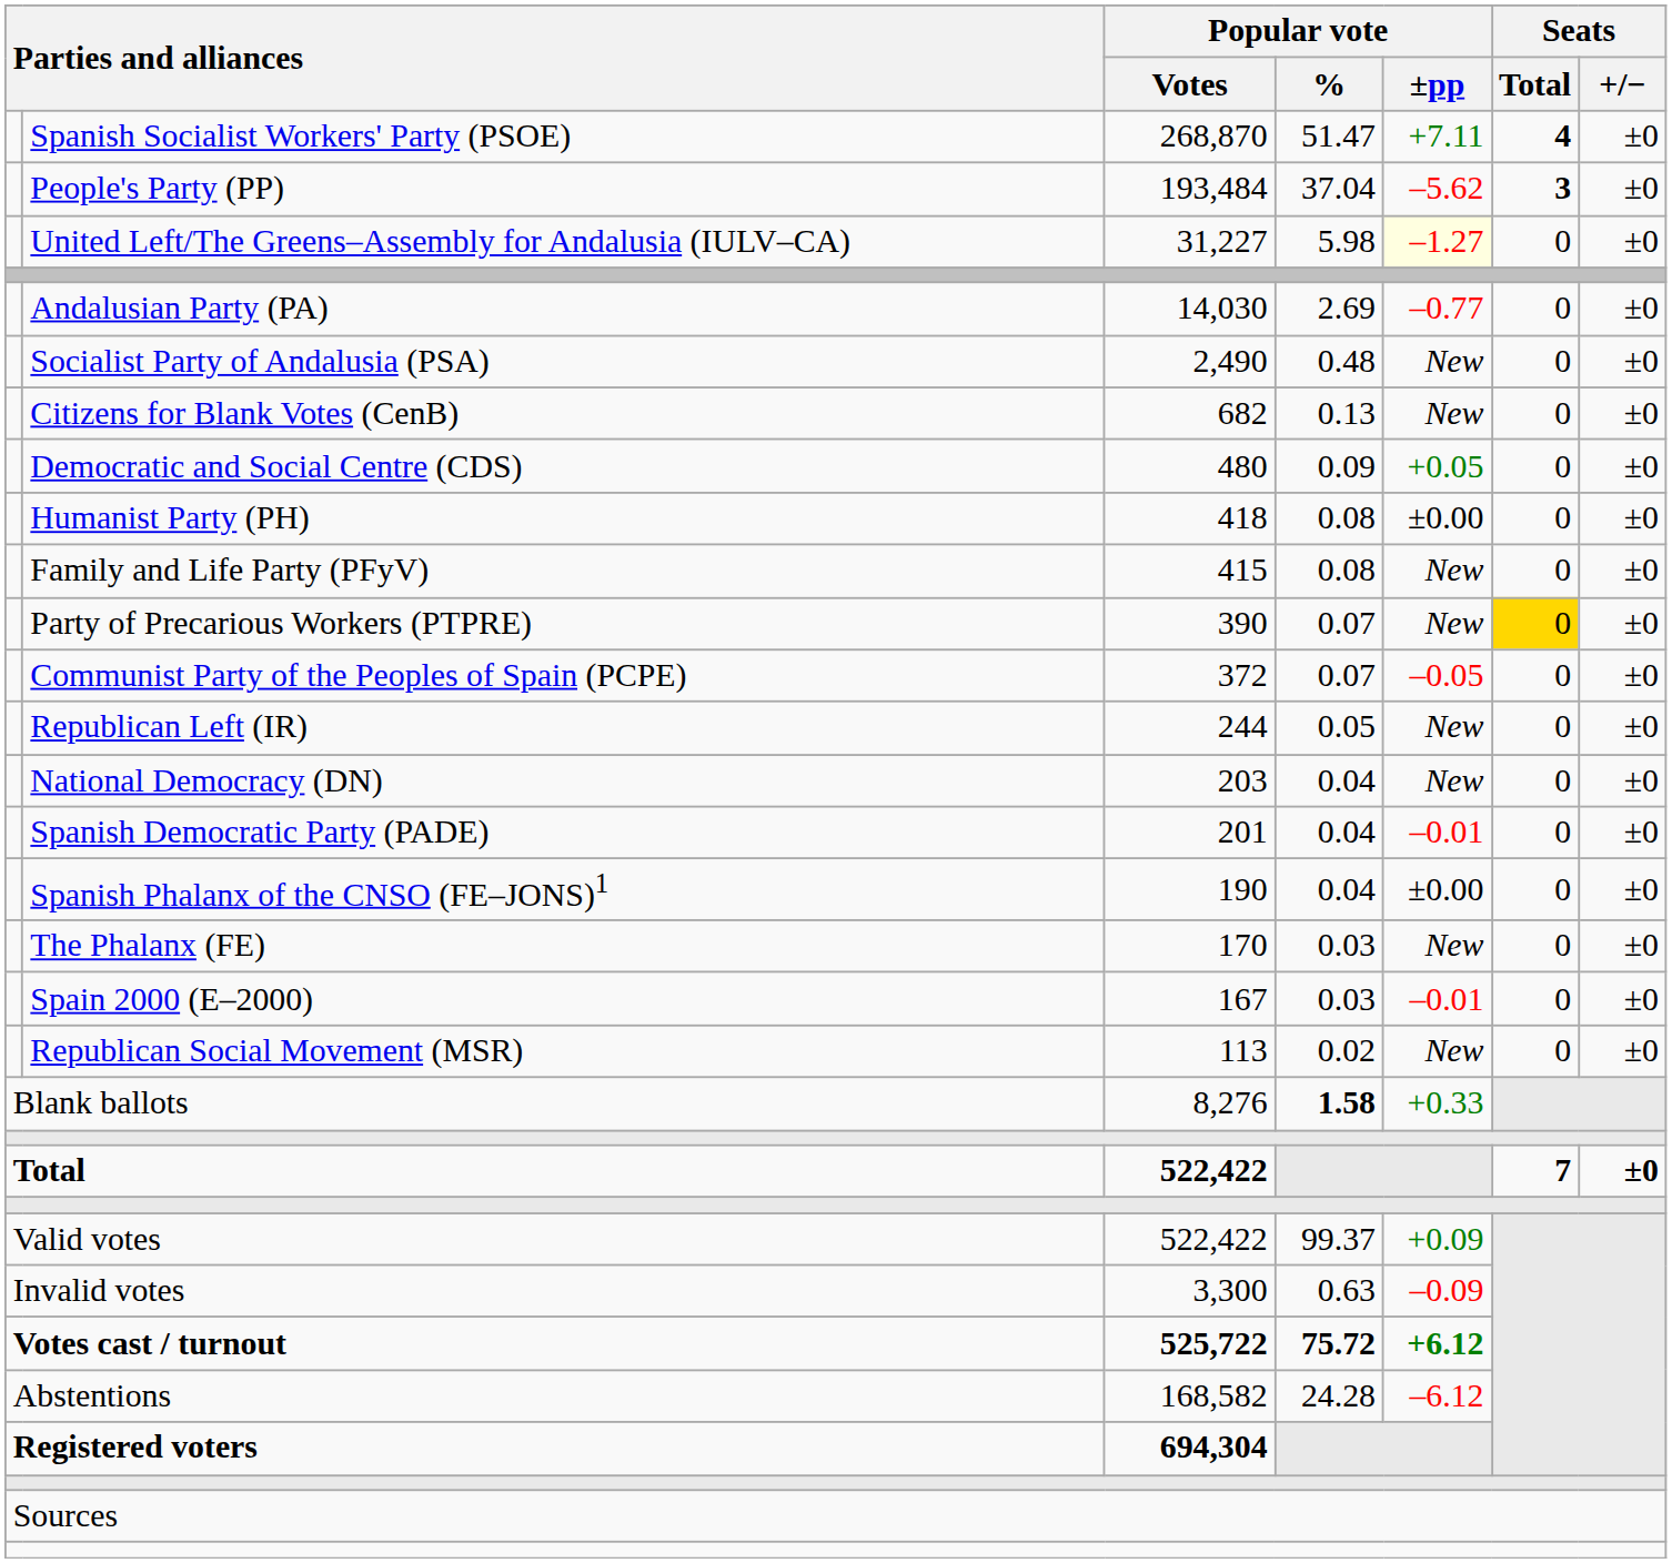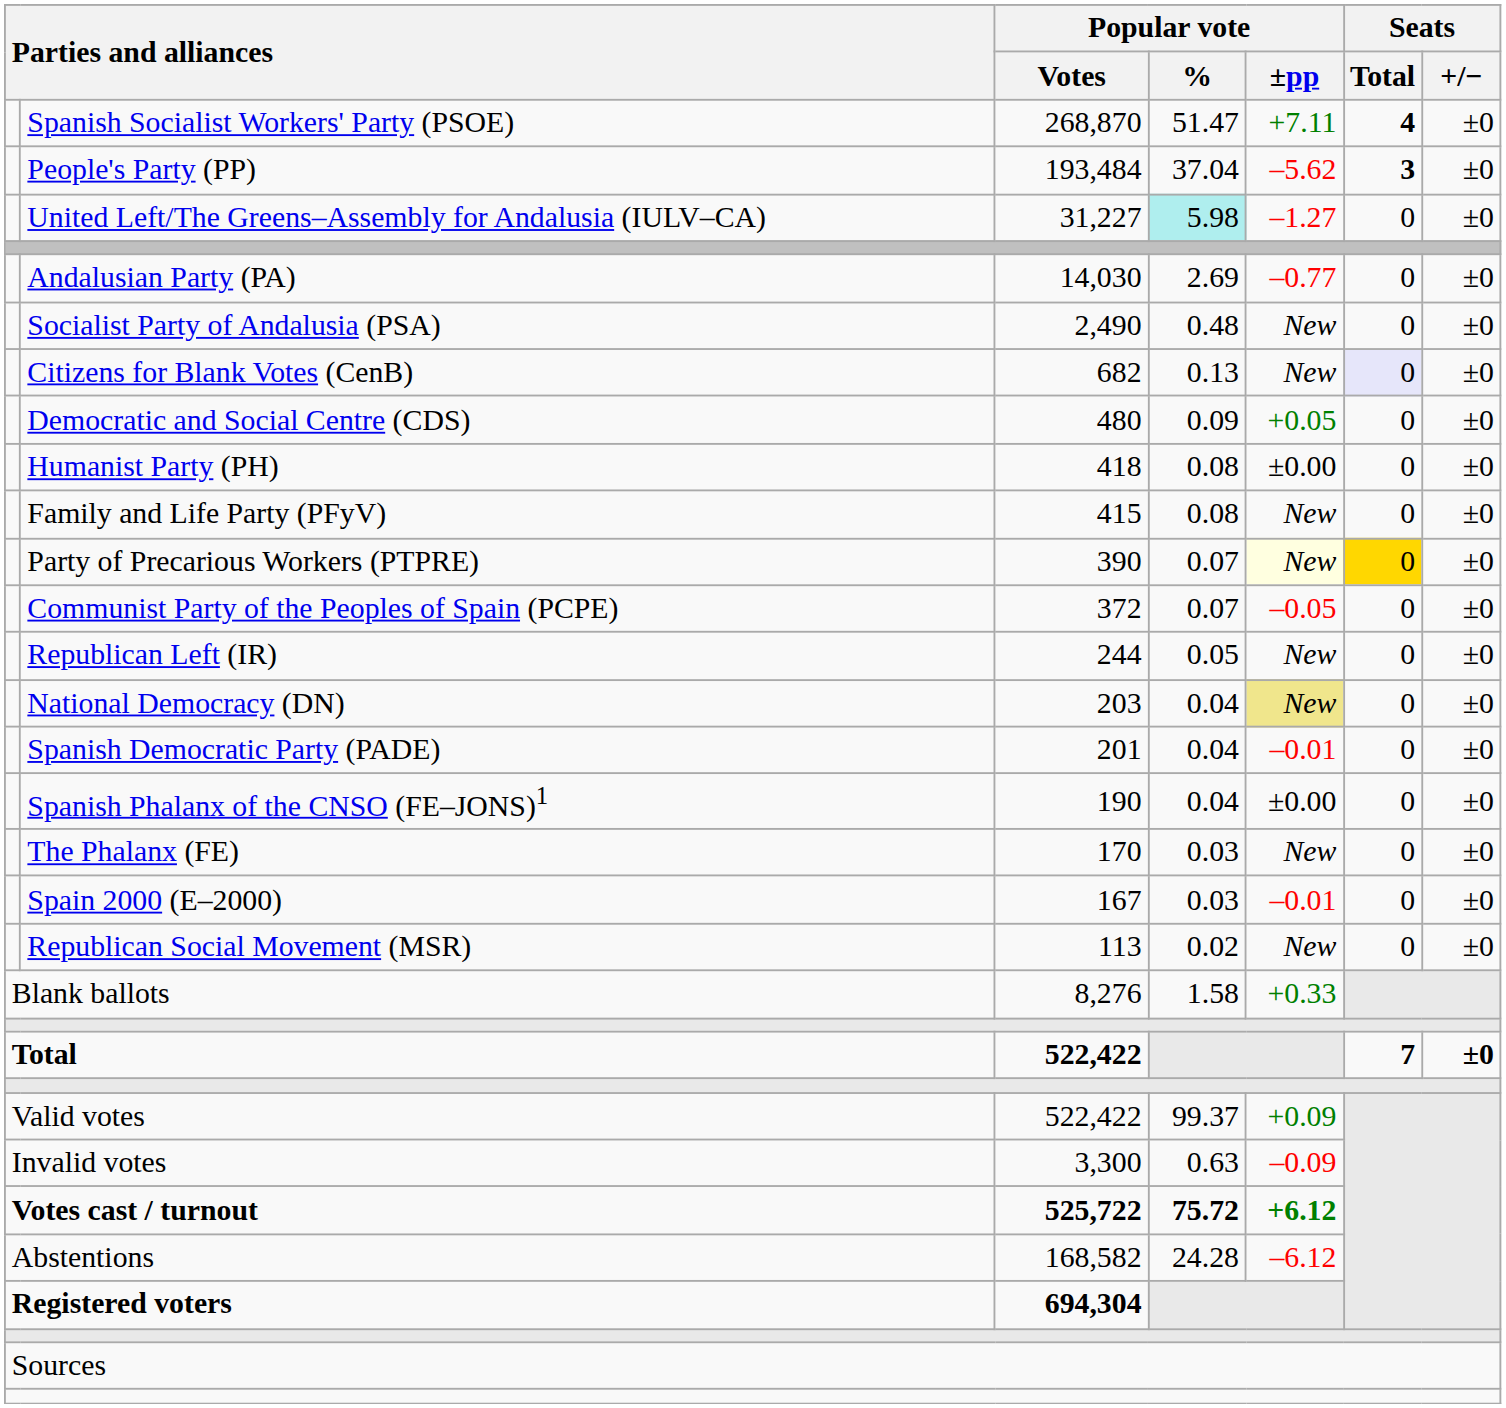 <table class="wikitable" style="text-align:right;">
 <tr>
 <th style="text-align:left;" rowspan="2" colspan="2" width="525">Parties and alliances</th>
 <th colspan="3">Popular vote</th>
 <th colspan="2">Seats</th>
 </tr>
 <tr>
 <th width="75">Votes</th>
 <th width="45">%</th>
 <th width="45">±<a href='#'>pp</a></th>
 <th width="35">Total</th>
 <th width="35">+/−</th>
 </tr>
 <tr>
 <td width="1" style="color:inherit;background:"></td>
 <td align="left"><a href='#'>Spanish Socialist Workers' Party</a> (PSOE)</td>
 <td>268,870</td>
 <td>51.47</td>
 <td style="color:green;">+7.11</td>
 <td><strong>4</strong></td>
 <td>±0</td>
 </tr>
 <tr>
 <td style="color:inherit;background:"></td>
 <td align="left"><a href='#'>People's Party</a> (PP)</td>
 <td>193,484</td>
 <td>37.04</td>
 <td style="color:red;">–5.62</td>
 <td><strong>3</strong></td>
 <td>±0</td>
 </tr>
 <tr>
 <td style="color:inherit;background:"></td>
 <td align="left"><a href='#'>United Left/The Greens–Assembly for Andalusia</a> (IULV–CA)</td>
 <td>31,227</td>
-<td>5.98</td>
-<td style="background: lightyellow; color:red;">–1.27</td>
+<td style="background: paleturquoise;">5.98</td>
+<td style="color:red;">–1.27</td>
 <td>0</td>
 <td>±0</td>
 </tr>
 <tr>
 <td colspan="7" bgcolor="#C0C0C0"></td>
 </tr>
 <tr>
 <td style="color:inherit;background:"></td>
 <td align="left"><a href='#'>Andalusian Party</a> (PA)</td>
 <td>14,030</td>
 <td>2.69</td>
 <td style="color:red;">–0.77</td>
 <td>0</td>
 <td>±0</td>
 </tr>
 <tr>
 <td style="color:inherit;background:"></td>
 <td align="left"><a href='#'>Socialist Party of Andalusia</a> (PSA)</td>
 <td>2,490</td>
 <td>0.48</td>
 <td><em>New</em></td>
 <td>0</td>
 <td>±0</td>
 </tr>
 <tr>
 <td style="color:inherit;background:"></td>
 <td align="left"><a href='#'>Citizens for Blank Votes</a> (CenB)</td>
 <td>682</td>
 <td>0.13</td>
 <td><em>New</em></td>
-<td>0</td>
+<td style="background: lavender;">0</td>
 <td>±0</td>
 </tr>
 <tr>
 <td style="color:inherit;background:"></td>
 <td align="left"><a href='#'>Democratic and Social Centre</a> (CDS)</td>
 <td>480</td>
 <td>0.09</td>
 <td style="color:green;">+0.05</td>
 <td>0</td>
 <td>±0</td>
 </tr>
 <tr>
 <td style="color:inherit;background:"></td>
 <td align="left"><a href='#'>Humanist Party</a> (PH)</td>
 <td>418</td>
 <td>0.08</td>
 <td>±0.00</td>
 <td>0</td>
 <td>±0</td>
 </tr>
 <tr>
 <td style="color:inherit;background:"></td>
 <td align="left">Family and Life Party (PFyV)</td>
 <td>415</td>
 <td>0.08</td>
 <td><em>New</em></td>
 <td>0</td>
 <td>±0</td>
 </tr>
 <tr>
 <td style="color:inherit;background:"></td>
 <td align="left">Party of Precarious Workers (PTPRE)</td>
 <td>390</td>
 <td>0.07</td>
-<td><em>New</em></td>
+<td style="background: lightyellow;"><em>New</em></td>
 <td style="background: gold;">0</td>
 <td>±0</td>
 </tr>
 <tr>
 <td style="color:inherit;background:"></td>
 <td align="left"><a href='#'>Communist Party of the Peoples of Spain</a> (PCPE)</td>
 <td>372</td>
 <td>0.07</td>
 <td style="color:red;">–0.05</td>
 <td>0</td>
 <td>±0</td>
 </tr>
 <tr>
 <td style="color:inherit;background:"></td>
 <td align="left"><a href='#'>Republican Left</a> (IR)</td>
 <td>244</td>
 <td>0.05</td>
 <td><em>New</em></td>
 <td>0</td>
 <td>±0</td>
 </tr>
 <tr>
 <td style="color:inherit;background:"></td>
 <td align="left"><a href='#'>National Democracy</a> (DN)</td>
 <td>203</td>
 <td>0.04</td>
-<td><em>New</em></td>
+<td style="background: khaki;"><em>New</em></td>
 <td>0</td>
 <td>±0</td>
 </tr>
 <tr>
 <td style="color:inherit;background:"></td>
 <td align="left"><a href='#'>Spanish Democratic Party</a> (PADE)</td>
 <td>201</td>
 <td>0.04</td>
 <td style="color:red;">–0.01</td>
 <td>0</td>
 <td>±0</td>
 </tr>
 <tr>
 <td style="color:inherit;background:"></td>
 <td align="left"><a href='#'>Spanish Phalanx of the CNSO</a> (FE–JONS)<sup>1</sup></td>
 <td>190</td>
 <td>0.04</td>
 <td>±0.00</td>
 <td>0</td>
 <td>±0</td>
 </tr>
 <tr>
 <td style="color:inherit;background:"></td>
 <td align="left"><a href='#'>The Phalanx</a> (FE)</td>
 <td>170</td>
 <td>0.03</td>
 <td><em>New</em></td>
 <td>0</td>
 <td>±0</td>
 </tr>
 <tr>
 <td style="color:inherit;background:"></td>
 <td align="left"><a href='#'>Spain 2000</a> (E–2000)</td>
 <td>167</td>
 <td>0.03</td>
 <td style="color:red;">–0.01</td>
 <td>0</td>
 <td>±0</td>
 </tr>
 <tr>
 <td style="color:inherit;background:"></td>
 <td align="left"><a href='#'>Republican Social Movement</a> (MSR)</td>
 <td>113</td>
 <td>0.02</td>
 <td><em>New</em></td>
 <td>0</td>
 <td>±0</td>
 </tr>
 <tr>
 <td align="left" colspan="2">Blank ballots</td>
 <td>8,276</td>
-<td><strong>1.58</strong></td>
+<td>1.58</td>
 <td style="color:green;">+0.33</td>
 <td bgcolor="#E9E9E9" colspan="2"></td>
 </tr>
 <tr>
 <td colspan="7" bgcolor="#E9E9E9"></td>
 </tr>
 <tr style="font-weight:bold;">
 <td align="left" colspan="2">Total</td>
 <td>522,422</td>
 <td bgcolor="#E9E9E9" colspan="2"></td>
 <td>7</td>
 <td>±0</td>
 </tr>
 <tr>
 <td colspan="7" bgcolor="#E9E9E9"></td>
 </tr>
 <tr>
 <td align="left" colspan="2">Valid votes</td>
 <td>522,422</td>
 <td>99.37</td>
 <td style="color:green;">+0.09</td>
 <td bgcolor="#E9E9E9" colspan="2" rowspan="5"></td>
 </tr>
 <tr>
 <td align="left" colspan="2">Invalid votes</td>
 <td>3,300</td>
 <td>0.63</td>
 <td style="color:red;">–0.09</td>
 </tr>
 <tr style="font-weight:bold;">
 <td align="left" colspan="2">Votes cast / turnout</td>
 <td>525,722</td>
 <td>75.72</td>
 <td style="color:green;">+6.12</td>
 </tr>
 <tr>
 <td align="left" colspan="2">Abstentions</td>
 <td>168,582</td>
 <td>24.28</td>
 <td style="color:red;">–6.12</td>
 </tr>
 <tr style="font-weight:bold;">
 <td align="left" colspan="2">Registered voters</td>
 <td>694,304</td>
 <td bgcolor="#E9E9E9" colspan="2"></td>
 </tr>
 <tr>
 <td colspan="7" bgcolor="#E9E9E9"></td>
 </tr>
 <tr>
 <td align="left" colspan="7">Sources</td>
 </tr>
 <tr>
 <td colspan="7" style="text-align:left; max-width:790px;"></td>
 </tr>
 </table>
